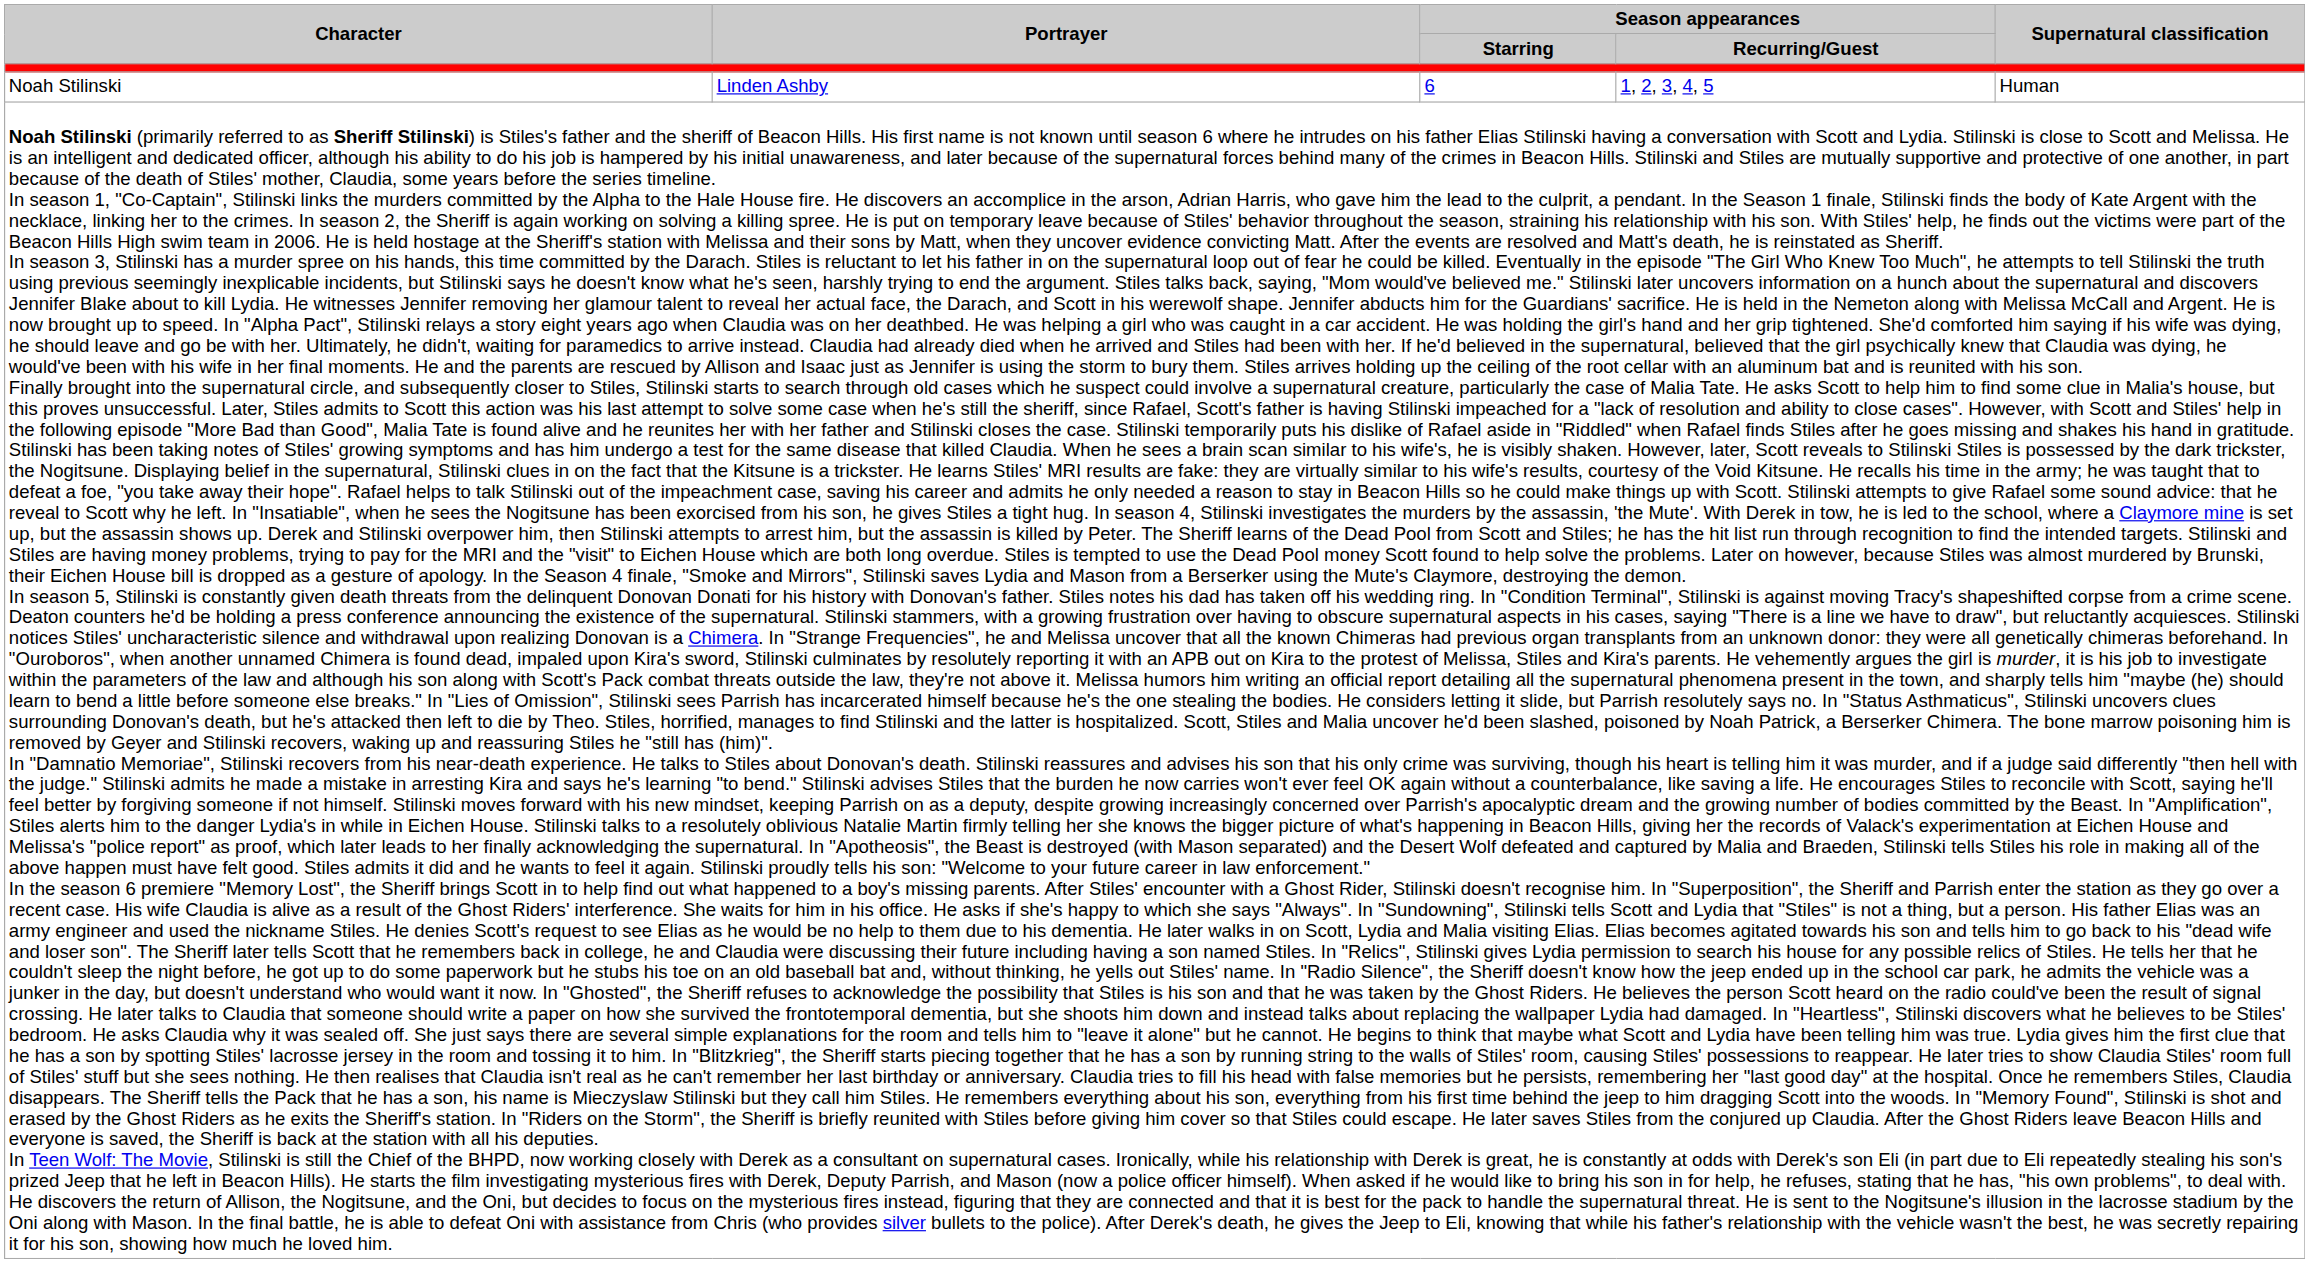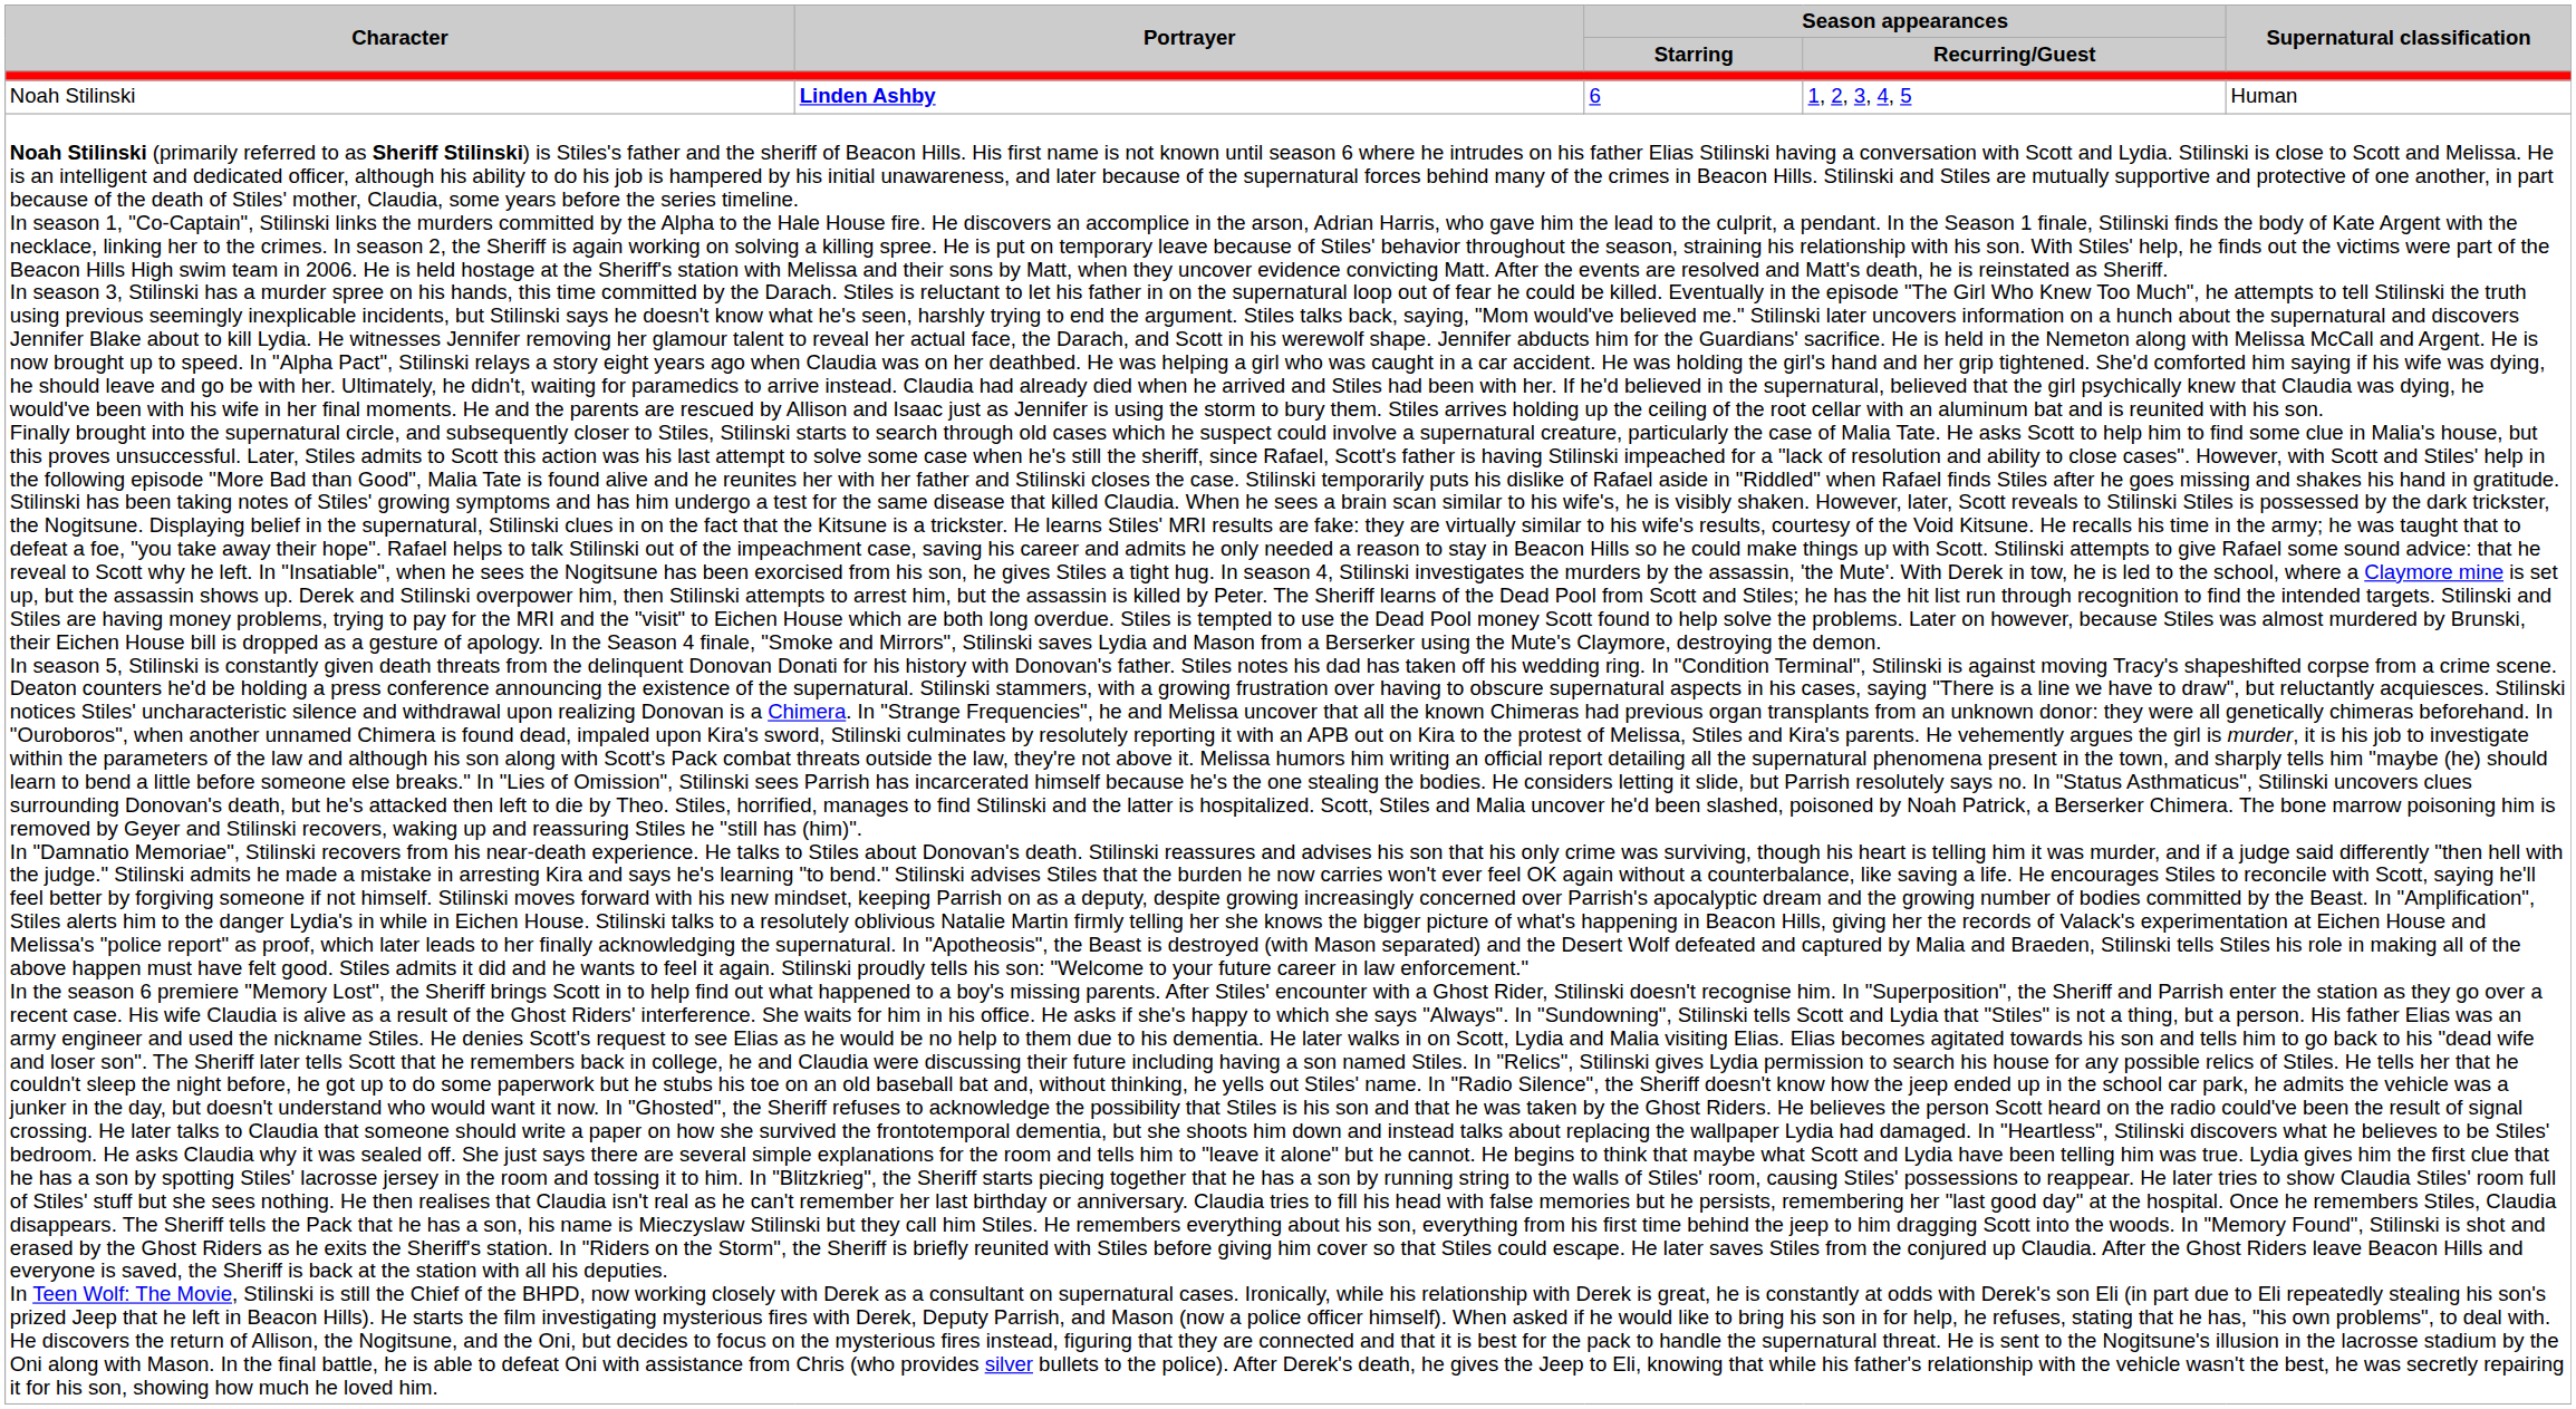 <table class="wikitable sortable" style="width:100%; margin-right:auto; background:#fff;">
 <tr style="color:black">
 <th rowspan="2" style="background:#ccc; width:16%;">Character</th>
 <th rowspan="2" style="background:#ccc; width:16%;">Portrayer</th>
 <th colspan="2" style="background:#ccc; width:13%;">Season appearances</th>
 <th rowspan="2" style="background:#ccc; width:7%;">Supernatural classification</th>
 </tr>
 <tr>
 <th style="background:#ccc;">Starring</th>
 <th style="background:#ccc;">Recurring/Guest</th>
 </tr>
 <tr>
 <td colspan="5" style="background:red;"></td>
 </tr>
 <tr>
 <td id="Noah">Noah Stilinski</td>
-<td><a href='#'>Linden Ashby</a></td>
+<td><strong><a href='#'>Linden Ashby</a></strong></td>
 <td><a href='#'>6</a></td>
 <td><a href='#'>1</a>, <a href='#'>2</a>, <a href='#'>3</a>, <a href='#'>4</a>, <a href='#'>5</a></td>
 <td>Human</td>
 </tr>
 <tr>
 <td colspan=5><br><strong>Noah Stilinski</strong> (primarily referred to as <strong>Sheriff Stilinski</strong>) is Stiles's father and the sheriff of Beacon Hills. His first name is not known until season 6 where he intrudes on his father Elias Stilinski having a conversation with Scott and Lydia. Stilinski is close to Scott and Melissa. He is an intelligent and dedicated officer, although his ability to do his job is hampered by his initial unawareness, and later because of the supernatural forces behind many of the crimes in Beacon Hills. Stilinski and Stiles are mutually supportive and protective of one another, in part because of the death of Stiles' mother, Claudia, some years before the series timeline.<br>In season 1, "Co-Captain", Stilinski links the murders committed by the Alpha to the Hale House fire. He discovers an accomplice in the arson, Adrian Harris, who gave him the lead to the culprit, a pendant. In the Season 1 finale, Stilinski finds the body of Kate Argent with the necklace, linking her to the crimes. In season 2, the Sheriff is again working on solving a killing spree. He is put on temporary leave because of Stiles' behavior throughout the season, straining his relationship with his son. With Stiles' help, he finds out the victims were part of the Beacon Hills High swim team in 2006. He is held hostage at the Sheriff's station with Melissa and their sons by Matt, when they uncover evidence convicting Matt. After the events are resolved and Matt's death, he is reinstated as Sheriff.<br>In season 3, Stilinski has a murder spree on his hands, this time committed by the Darach. Stiles is reluctant to let his father in on the supernatural loop out of fear he could be killed. Eventually in the episode "The Girl Who Knew Too Much", he attempts to tell Stilinski the truth using previous seemingly inexplicable incidents, but Stilinski says he doesn't know what he's seen, harshly trying to end the argument. Stiles talks back, saying, "Mom would've believed me." Stilinski later uncovers information on a hunch about the supernatural and discovers Jennifer Blake about to kill Lydia. He witnesses Jennifer removing her glamour talent to reveal her actual face, the Darach, and Scott in his werewolf shape. Jennifer abducts him for the Guardians' sacrifice. He is held in the Nemeton along with Melissa McCall and Argent. He is now brought up to speed. In "Alpha Pact", Stilinski relays a story eight years ago when Claudia was on her deathbed. He was helping a girl who was caught in a car accident. He was holding the girl's hand and her grip tightened. She'd comforted him saying if his wife was dying, he should leave and go be with her. Ultimately, he didn't, waiting for paramedics to arrive instead. Claudia had already died when he arrived and Stiles had been with her. If he'd believed in the supernatural, believed that the girl psychically knew that Claudia was dying, he would've been with his wife in her final moments. He and the parents are rescued by Allison and Isaac just as Jennifer is using the storm to bury them. Stiles arrives holding up the ceiling of the root cellar with an aluminum bat and is reunited with his son.<br>Finally brought into the supernatural circle, and subsequently closer to Stiles, Stilinski starts to search through old cases which he suspect could involve a supernatural creature, particularly the case of Malia Tate. He asks Scott to help him to find some clue in Malia's house, but this proves unsuccessful. Later, Stiles admits to Scott this action was his last attempt to solve some case when he's still the sheriff, since Rafael, Scott's father is having Stilinski impeached for a "lack of resolution and ability to close cases". However, with Scott and Stiles' help in the following episode "More Bad than Good", Malia Tate is found alive and he reunites her with her father and Stilinski closes the case. Stilinski temporarily puts his dislike of Rafael aside in "Riddled" when Rafael finds Stiles after he goes missing and shakes his hand in gratitude. Stilinski has been taking notes of Stiles' growing symptoms and has him undergo a test for the same disease that killed Claudia. When he sees a brain scan similar to his wife's, he is visibly shaken. However, later, Scott reveals to Stilinski Stiles is possessed by the dark trickster, the Nogitsune. Displaying belief in the supernatural, Stilinski clues in on the fact that the Kitsune is a trickster. He learns Stiles' MRI results are fake: they are virtually similar to his wife's results, courtesy of the Void Kitsune. He recalls his time in the army; he was taught that to defeat a foe, "you take away their hope". Rafael helps to talk Stilinski out of the impeachment case, saving his career and admits he only needed a reason to stay in Beacon Hills so he could make things up with Scott. Stilinski attempts to give Rafael some sound advice: that he reveal to Scott why he left. In "Insatiable", when he sees the Nogitsune has been exorcised from his son, he gives Stiles a tight hug. In season 4, Stilinski investigates the murders by the assassin, 'the Mute'. With Derek in tow, he is led to the school, where a <a href='#'>Claymore mine</a> is set up, but the assassin shows up. Derek and Stilinski overpower him, then Stilinski attempts to arrest him, but the assassin is killed by Peter. The Sheriff learns of the Dead Pool from Scott and Stiles; he has the hit list run through recognition to find the intended targets. Stilinski and Stiles are having money problems, trying to pay for the MRI and the "visit" to Eichen House which are both long overdue. Stiles is tempted to use the Dead Pool money Scott found to help solve the problems. Later on however, because Stiles was almost murdered by Brunski, their Eichen House bill is dropped as a gesture of apology. In the Season 4 finale, "Smoke and Mirrors", Stilinski saves Lydia and Mason from a Berserker using the Mute's Claymore, destroying the demon.<br>In season 5, Stilinski is constantly given death threats from the delinquent Donovan Donati for his history with Donovan's father. Stiles notes his dad has taken off his wedding ring. In "Condition Terminal", Stilinski is against moving Tracy's shapeshifted corpse from a crime scene. Deaton counters he'd be holding a press conference announcing the existence of the supernatural. Stilinski stammers, with a growing frustration over having to obscure supernatural aspects in his cases, saying "There is a line we have to draw", but reluctantly acquiesces. Stilinski notices Stiles' uncharacteristic silence and withdrawal upon realizing Donovan is a <a href='#'>Chimera</a>. In "Strange Frequencies", he and Melissa uncover that all the known Chimeras had previous organ transplants from an unknown donor: they were all genetically chimeras beforehand. In "Ouroboros", when another unnamed Chimera is found dead, impaled upon Kira's sword, Stilinski culminates by resolutely reporting it with an APB out on Kira to the protest of Melissa, Stiles and Kira's parents. He vehemently argues the girl is <em>murder</em>, it is his job to investigate within the parameters of the law and although his son along with Scott's Pack combat threats outside the law, they're not above it. Melissa humors him writing an official report detailing all the supernatural phenomena present in the town, and sharply tells him "maybe (he) should learn to bend a little before someone else breaks." In "Lies of Omission", Stilinski sees Parrish has incarcerated himself because he's the one stealing the bodies. He considers letting it slide, but Parrish resolutely says no. In "Status Asthmaticus", Stilinski uncovers clues surrounding Donovan's death, but he's attacked then left to die by Theo. Stiles, horrified, manages to find Stilinski and the latter is hospitalized. Scott, Stiles and Malia uncover he'd been slashed, poisoned by Noah Patrick, a Berserker Chimera. The bone marrow poisoning him is removed by Geyer and Stilinski recovers, waking up and reassuring Stiles he "still has (him)".<br>In "Damnatio Memoriae", Stilinski recovers from his near-death experience. He talks to Stiles about Donovan's death. Stilinski reassures and advises his son that his only crime was surviving, though his heart is telling him it was murder, and if a judge said differently "then hell with the judge." Stilinski admits he made a mistake in arresting Kira and says he's learning "to bend." Stilinski advises Stiles that the burden he now carries won't ever feel OK again without a counterbalance, like saving a life. He encourages Stiles to reconcile with Scott, saying he'll feel better by forgiving someone if not himself. Stilinski moves forward with his new mindset, keeping Parrish on as a deputy, despite growing increasingly concerned over Parrish's apocalyptic dream and the growing number of bodies committed by the Beast. In "Amplification", Stiles alerts him to the danger Lydia's in while in Eichen House. Stilinski talks to a resolutely oblivious Natalie Martin firmly telling her she knows the bigger picture of what's happening in Beacon Hills, giving her the records of Valack's experimentation at Eichen House and Melissa's "police report" as proof, which later leads to her finally acknowledging the supernatural. In "Apotheosis", the Beast is destroyed (with Mason separated) and the Desert Wolf defeated and captured by Malia and Braeden, Stilinski tells Stiles his role in making all of the above happen must have felt good. Stiles admits it did and he wants to feel it again. Stilinski proudly tells his son: "Welcome to your future career in law enforcement."<br>In the season 6 premiere "Memory Lost", the Sheriff brings Scott in to help find out what happened to a boy's missing parents. After Stiles' encounter with a Ghost Rider, Stilinski doesn't recognise him. In "Superposition", the Sheriff and Parrish enter the station as they go over a recent case. His wife Claudia is alive as a result of the Ghost Riders' interference. She waits for him in his office. He asks if she's happy to which she says "Always". In "Sundowning", Stilinski tells Scott and Lydia that "Stiles" is not a thing, but a person. His father Elias was an army engineer and used the nickname Stiles. He denies Scott's request to see Elias as he would be no help to them due to his dementia. He later walks in on Scott, Lydia and Malia visiting Elias. Elias becomes agitated towards his son and tells him to go back to his "dead wife and loser son". The Sheriff later tells Scott that he remembers back in college, he and Claudia were discussing their future including having a son named Stiles. In "Relics", Stilinski gives Lydia permission to search his house for any possible relics of Stiles. He tells her that he couldn't sleep the night before, he got up to do some paperwork but he stubs his toe on an old baseball bat and, without thinking, he yells out Stiles' name. In "Radio Silence", the Sheriff doesn't know how the jeep ended up in the school car park, he admits the vehicle was a junker in the day, but doesn't understand who would want it now. In "Ghosted", the Sheriff refuses to acknowledge the possibility that Stiles is his son and that he was taken by the Ghost Riders. He believes the person Scott heard on the radio could've been the result of signal crossing. He later talks to Claudia that someone should write a paper on how she survived the frontotemporal dementia, but she shoots him down and instead talks about replacing the wallpaper Lydia had damaged. In "Heartless", Stilinski discovers what he believes to be Stiles' bedroom. He asks Claudia why it was sealed off. She just says there are several simple explanations for the room and tells him to "leave it alone" but he cannot. He begins to think that maybe what Scott and Lydia have been telling him was true. Lydia gives him the first clue that he has a son by spotting Stiles' lacrosse jersey in the room and tossing it to him. In "Blitzkrieg", the Sheriff starts piecing together that he has a son by running string to the walls of Stiles' room, causing Stiles' possessions to reappear. He later tries to show Claudia Stiles' room full of Stiles' stuff but she sees nothing. He then realises that Claudia isn't real as he can't remember her last birthday or anniversary. Claudia tries to fill his head with false memories but he persists, remembering her "last good day" at the hospital. Once he remembers Stiles, Claudia disappears. The Sheriff tells the Pack that he has a son, his name is Mieczyslaw Stilinski but they call him Stiles. He remembers everything about his son, everything from his first time behind the jeep to him dragging Scott into the woods. In "Memory Found", Stilinski is shot and erased by the Ghost Riders as he exits the Sheriff's station. In "Riders on the Storm", the Sheriff is briefly reunited with Stiles before giving him cover so that Stiles could escape. He later saves Stiles from the conjured up Claudia. After the Ghost Riders leave Beacon Hills and everyone is saved, the Sheriff is back at the station with all his deputies.<br>In <a href='#'>Teen Wolf: The Movie</a>, Stilinski is still the Chief of the BHPD, now working closely with Derek as a consultant on supernatural cases. Ironically, while his relationship with Derek is great, he is constantly at odds with Derek's son Eli (in part due to Eli repeatedly stealing his son's prized Jeep that he left in Beacon Hills). He starts the film investigating mysterious fires with Derek, Deputy Parrish, and Mason (now a police officer himself). When asked if he would like to bring his son in for help, he refuses, stating that he has, "his own problems", to deal with. He discovers the return of Allison, the Nogitsune, and the Oni, but decides to focus on the mysterious fires instead, figuring that they are connected and that it is best for the pack to handle the supernatural threat. He is sent to the Nogitsune's illusion in the lacrosse stadium by the Oni along with Mason. In the final battle, he is able to defeat Oni with assistance from Chris (who provides <a href='#'>silver</a> bullets to the police). After Derek's death, he gives the Jeep to Eli, knowing that while his father's relationship with the vehicle wasn't the best, he was secretly repairing it for his son, showing how much he loved him.</td>
 </tr>
 </table>
